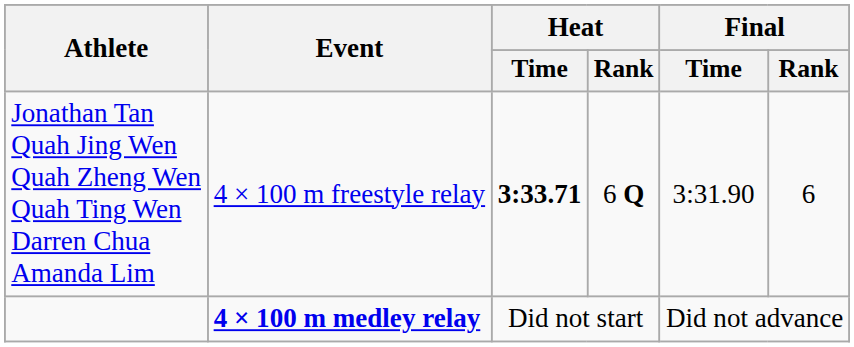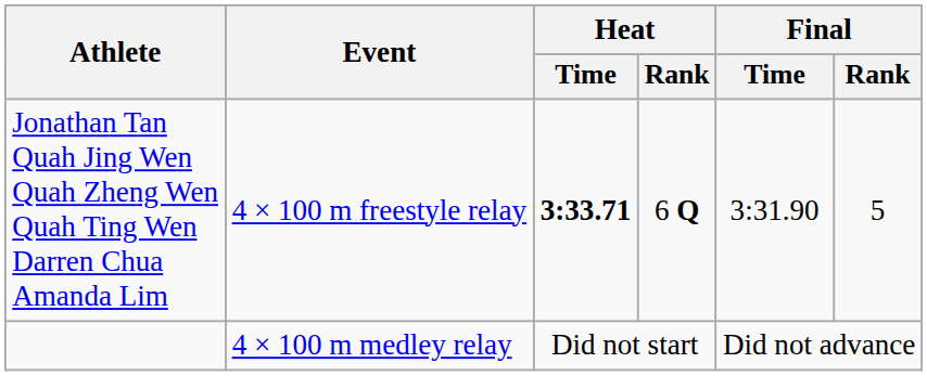 <table class=wikitable style=font-size:90%>
 <tr>
 <th rowspan=2>Athlete</th>
 <th rowspan=2>Event</th>
 <th colspan=2>Heat</th>
 <th colspan=2>Final</th>
 </tr>
 <tr style=font-size:95%>
 <th>Time</th>
 <th>Rank</th>
 <th>Time</th>
 <th>Rank</th>
 </tr>
 <tr align=center>
 <td align=left><a href='#'>Jonathan Tan</a><br><a href='#'>Quah Jing Wen</a><br><a href='#'>Quah Zheng Wen</a><br><a href='#'>Quah Ting Wen</a><br><a href='#'>Darren Chua</a><br><a href='#'>Amanda Lim</a></td>
 <td align=left><a href='#'>4 × 100 m freestyle relay</a></td>
 <td><strong>3:33.71</strong></td>
 <td>6 <strong>Q</strong></td>
 <td>3:31.90</td>
-<td>6</td>
+<td>5</td>
 </tr>
 <tr align=center>
 <td align=left></td>
-<td align=left><strong><a href='#'>4 × 100 m medley relay</a></strong></td>
+<td align=left><a href='#'>4 × 100 m medley relay</a></td>
 <td colspan=2>Did not start</td>
 <td colspan=2>Did not advance</td>
 </tr>
 </table>
